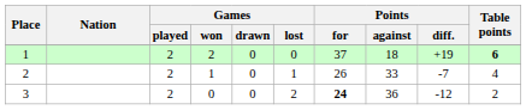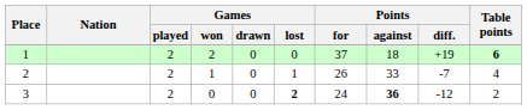 <table class="wikitable">
 <tr>
 <th rowspan=2 width="8%">Place</th>
 <th rowspan=2 width="20%">Nation</th>
 <th colspan=4 width="32%">Games</th>
 <th colspan=3 width="30%">Points</th>
 <th rowspan=2 width="10%">Table<br>points</th>
 </tr>
 <tr>
 <th width="8%">played</th>
 <th width="8%">won</th>
 <th width="8%">drawn</th>
 <th width="8%">lost</th>
 <th width="10%">for</th>
 <th width="10%">against</th>
 <th width="10%">diff.</th>
 </tr>
 <tr>
 </tr>
 <tr bgcolor=#ccffcc align=center>
 <td>1</td>
 <td align=left><strong></strong></td>
 <td>2</td>
 <td>2</td>
 <td>0</td>
 <td>0</td>
 <td>37</td>
 <td>18</td>
 <td>+19</td>
 <td><strong>6</strong></td>
 </tr>
 <tr bgcolor=#ffffff align=center>
 <td>2</td>
 <td align=left></td>
 <td>2</td>
 <td>1</td>
 <td>0</td>
 <td>1</td>
 <td>26</td>
 <td>33</td>
 <td>-7</td>
 <td>4</td>
 </tr>
 <tr bgcolor=#ffffff align=center>
 <td>3</td>
 <td align=left></td>
 <td>2</td>
 <td>0</td>
 <td>0</td>
-<td>2</td>
-<td><strong>24</strong></td>
-<td>36</td>
+<td><strong>2</strong></td>
+<td>24</td>
+<td><strong>36</strong></td>
 <td>-12</td>
 <td>2</td>
 </tr>
 </table>
